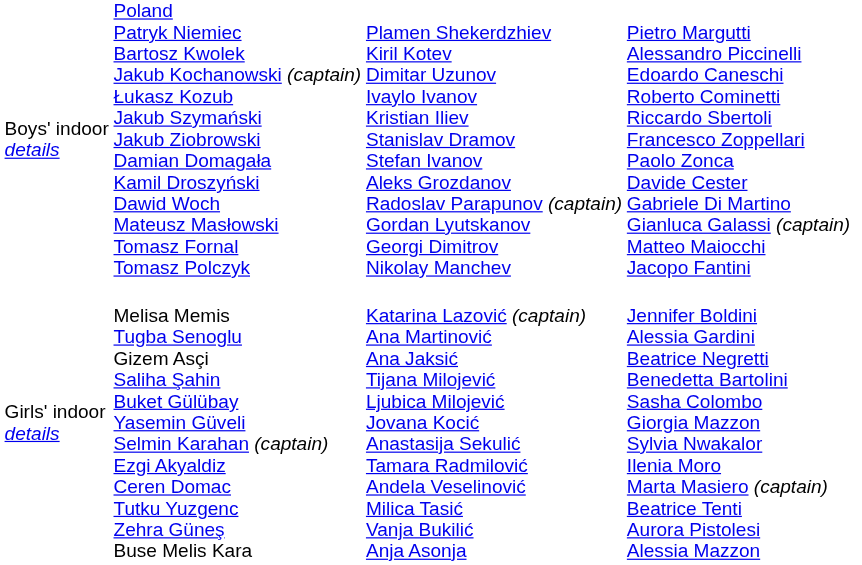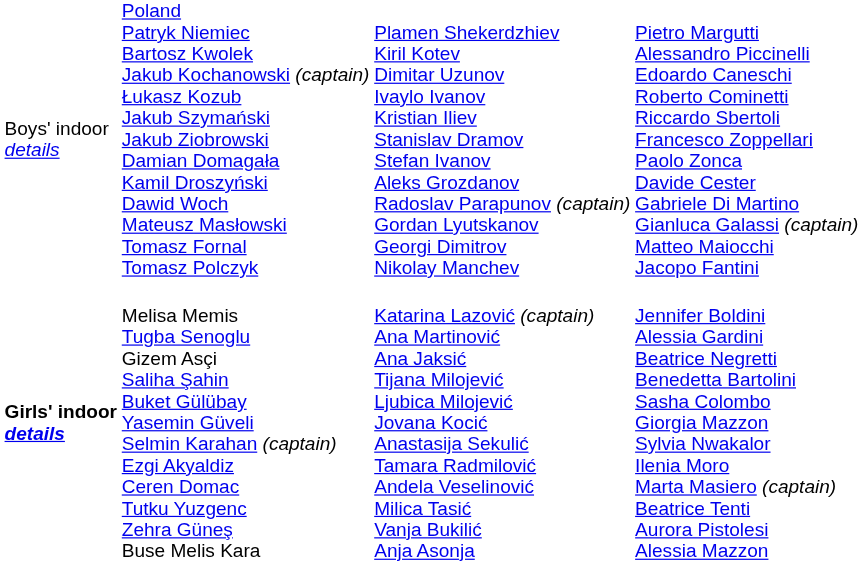 <table>
 <tr>
 <td>Boys' indoor<br><em><a href='#'>details</a></em></td>
 <td> <a href='#'>Poland</a><br><a href='#'>Patryk Niemiec</a><br><a href='#'>Bartosz Kwolek</a><br><a href='#'>Jakub Kochanowski</a> <em>(captain)</em><br><a href='#'>Łukasz Kozub</a><br><a href='#'>Jakub Szymański</a><br><a href='#'>Jakub Ziobrowski</a><br><a href='#'>Damian Domagała</a><br><a href='#'>Kamil Droszyński</a><br><a href='#'>Dawid Woch</a><br><a href='#'>Mateusz Masłowski</a><br><a href='#'>Tomasz Fornal</a><br><a href='#'>Tomasz Polczyk</a></td>
 <td><br><a href='#'>Plamen Shekerdzhiev</a><br><a href='#'>Kiril Kotev</a><br><a href='#'>Dimitar Uzunov</a><br><a href='#'>Ivaylo Ivanov</a><br><a href='#'>Kristian Iliev</a><br><a href='#'>Stanislav Dramov</a><br><a href='#'>Stefan Ivanov</a><br><a href='#'>Aleks Grozdanov</a><br><a href='#'>Radoslav Parapunov</a> <em>(captain)</em><br><a href='#'>Gordan Lyutskanov</a><br><a href='#'>Georgi Dimitrov</a><br><a href='#'>Nikolay Manchev</a></td>
 <td><br><a href='#'>Pietro Margutti</a><br><a href='#'>Alessandro Piccinelli</a><br><a href='#'>Edoardo Caneschi</a><br><a href='#'>Roberto Cominetti</a><br><a href='#'>Riccardo Sbertoli</a><br><a href='#'>Francesco Zoppellari</a><br><a href='#'>Paolo Zonca</a><br><a href='#'>Davide Cester</a><br><a href='#'>Gabriele Di Martino</a><br><a href='#'>Gianluca Galassi</a> <em>(captain)</em><br><a href='#'>Matteo Maiocchi</a><br><a href='#'>Jacopo Fantini</a></td>
 </tr>
 <tr>
-<td>Girls' indoor<br><em><a href='#'>details</a></em></td>
+<td><strong>Girls' indoor<br><em><a href='#'>details</a></em></strong></td>
 <td><br>Melisa Memis<br><a href='#'>Tugba Senoglu</a><br>Gizem Asçi<br><a href='#'>Saliha Şahin</a><br><a href='#'>Buket Gülübay</a><br><a href='#'>Yasemin Güveli</a><br><a href='#'>Selmin Karahan</a> <em>(captain)</em><br><a href='#'>Ezgi Akyaldiz</a><br><a href='#'>Ceren Domac</a><br><a href='#'>Tutku Yuzgenc</a><br><a href='#'>Zehra Güneş</a><br>Buse Melis Kara</td>
 <td><br><a href='#'>Katarina Lazović</a> <em>(captain)</em><br><a href='#'>Ana Martinović</a><br><a href='#'>Ana Jaksić</a><br><a href='#'>Tijana Milojević</a><br><a href='#'>Ljubica Milojević</a><br><a href='#'>Jovana Kocić</a><br><a href='#'>Anastasija Sekulić</a><br><a href='#'>Tamara Radmilović</a><br><a href='#'>Andela Veselinović</a><br><a href='#'>Milica Tasić</a><br><a href='#'>Vanja Bukilić</a><br><a href='#'>Anja Asonja</a></td>
 <td><br><a href='#'>Jennifer Boldini</a><br><a href='#'>Alessia Gardini</a><br><a href='#'>Beatrice Negretti</a><br><a href='#'>Benedetta Bartolini</a><br><a href='#'>Sasha Colombo</a><br><a href='#'>Giorgia Mazzon</a><br><a href='#'>Sylvia Nwakalor</a><br><a href='#'>Ilenia Moro</a><br><a href='#'>Marta Masiero</a> <em>(captain)</em><br><a href='#'>Beatrice Tenti</a><br><a href='#'>Aurora Pistolesi</a><br><a href='#'>Alessia Mazzon</a></td>
 </tr>
 </table>
